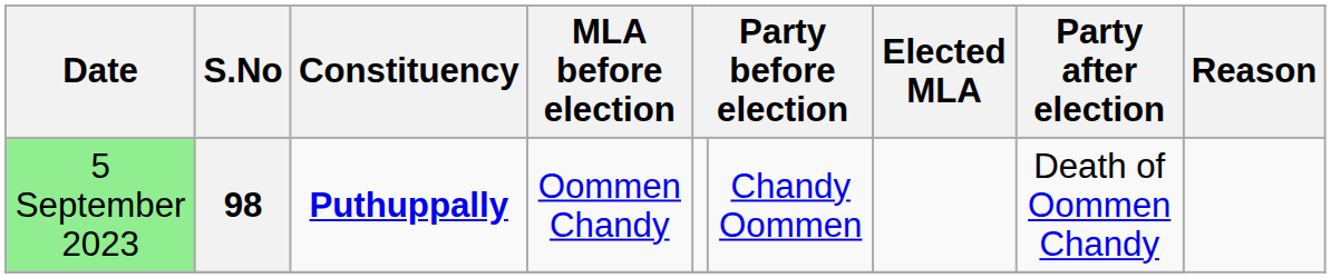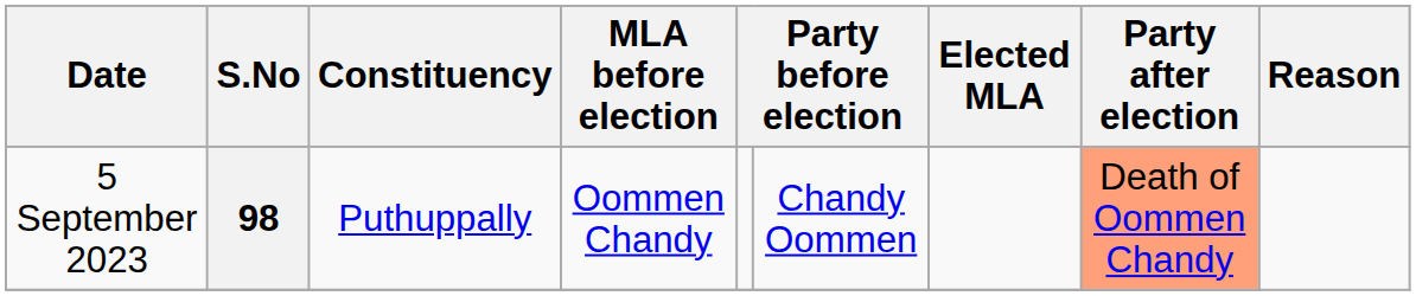 <table class="wikitable sortable" style="text-align:center;">
 <tr>
 <th>Date</th>
 <th>S.No</th>
 <th>Constituency</th>
 <th>MLA before election</th>
 <th colspan="2">Party before election</th>
 <th>Elected MLA</th>
 <th colspan="2">Party after election</th>
 <th>Reason</th>
 </tr>
 <tr>
-<td style="background: lightgreen;">5 September 2023</td>
+<td>5 September 2023</td>
 <th>98</th>
-<td><strong><a href='#'>Puthuppally</a></strong></td>
+<td><a href='#'>Puthuppally</a></td>
 <td><a href='#'>Oommen Chandy</a></td>
 <td></td>
 <td><a href='#'>Chandy Oommen</a></td>
 <td></td>
-<td>Death of <a href='#'>Oommen Chandy</a></td>
+<td style="background: lightsalmon;">Death of <a href='#'>Oommen Chandy</a></td>
 </tr>
 <tr>
 </tr>
 </table>
